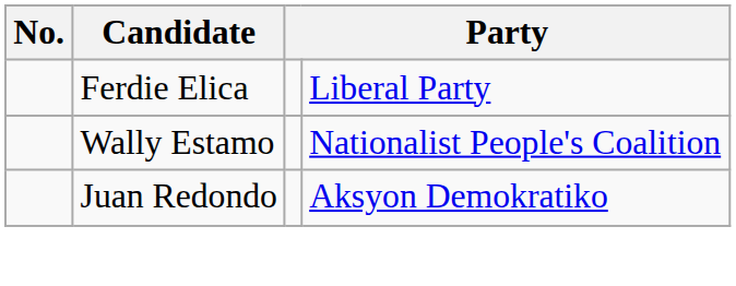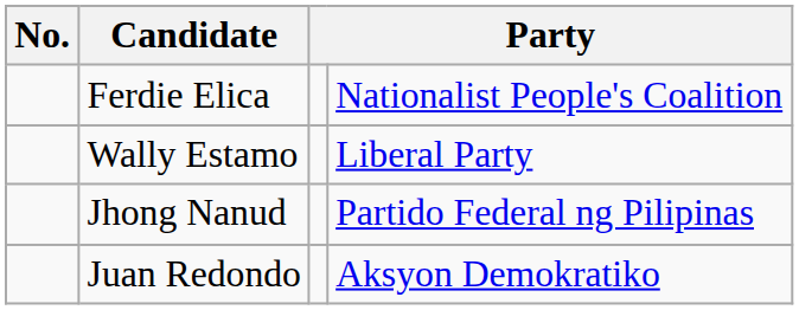 <table class="wikitable sortable" style="text-align:left;">
 <tr>
 <th>No.</th>
 <th>Candidate</th>
 <th colspan="2">Party</th>
 </tr>
 <tr>
 <td></td>
 <td>Ferdie Elica</td>
 <td></td>
-<td><a href='#'>Liberal Party</a></td>
+<td><a href='#'>Nationalist People's Coalition</a></td>
 </tr>
 <tr>
 <td></td>
 <td>Wally Estamo</td>
 <td></td>
-<td><a href='#'>Nationalist People's Coalition</a></td>
+<td><a href='#'>Liberal Party</a></td>
+</tr>
+<tr>
+<td></td>
+<td>Jhong Nanud</td>
+<td></td>
+<td><a href='#'>Partido Federal ng Pilipinas</a></td>
 </tr>
 <tr>
 <td></td>
 <td>Juan Redondo</td>
 <td></td>
 <td><a href='#'>Aksyon Demokratiko</a></td>
 </tr>
 </table>
